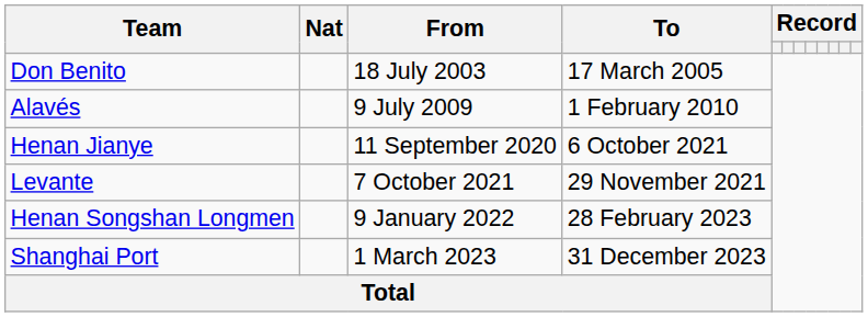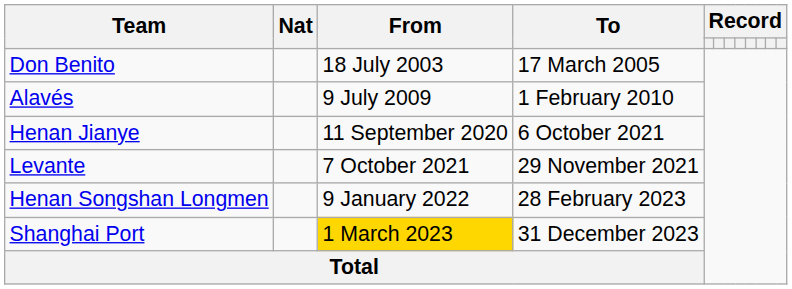 <table class="wikitable" style="text-align: center">
 <tr>
 <th rowspan="2">Team</th>
 <th rowspan="2">Nat</th>
 <th rowspan="2">From</th>
 <th rowspan="2">To</th>
 <th colspan="9">Record</th>
 </tr>
 <tr>
 <th></th>
 <th></th>
 <th></th>
 <th></th>
 <th></th>
 <th></th>
 <th></th>
 <th></th>
 </tr>
 <tr>
 <td align=left><a href='#'>Don Benito</a></td>
 <td></td>
 <td align=left>18 July 2003</td>
 <td align=left>17 March 2005<br></td>
 </tr>
 <tr>
 <td align=left><a href='#'>Alavés</a></td>
 <td></td>
 <td align=left>9 July 2009</td>
 <td align=left>1 February 2010<br></td>
 </tr>
 <tr>
 <td align=left><a href='#'>Henan Jianye</a></td>
 <td></td>
 <td align=left>11 September 2020</td>
 <td align=left>6 October 2021<br></td>
 </tr>
 <tr>
 <td align=left><a href='#'>Levante</a></td>
 <td></td>
 <td align=left>7 October 2021</td>
 <td align=left>29 November 2021<br></td>
 </tr>
 <tr>
 <td align=left><a href='#'>Henan Songshan Longmen</a></td>
 <td></td>
 <td align=left>9 January 2022</td>
 <td align=left>28 February 2023<br></td>
 </tr>
 <tr>
 <td align=left><a href='#'>Shanghai Port</a></td>
 <td></td>
-<td align=left>1 March 2023</td>
+<td align=left style="background: gold;">1 March 2023</td>
 <td align=left>31 December 2023<br></td>
 </tr>
 <tr>
 <th colspan="4">Total<br></th>
 </tr>
 </table>
